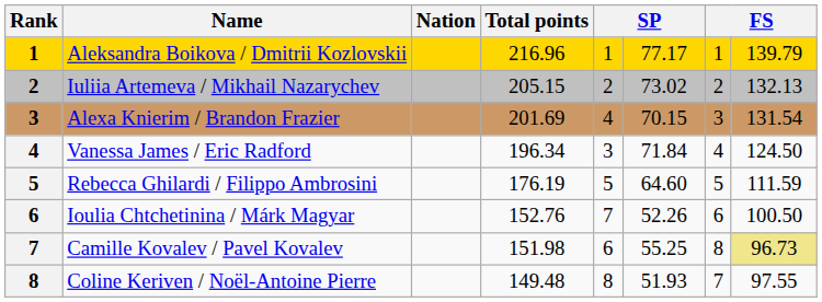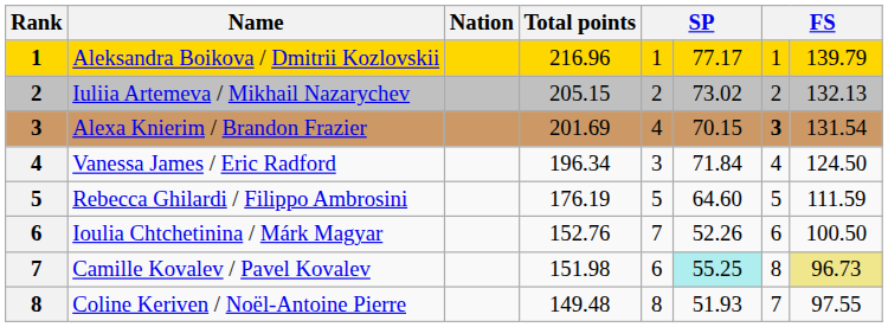 <table class="wikitable sortable">
 <tr>
 <th>Rank</th>
 <th>Name</th>
 <th>Nation</th>
 <th>Total points</th>
 <th colspan="2" width="80px"><a href='#'>SP</a></th>
 <th colspan="2" width="80px"><a href='#'>FS</a></th>
 </tr>
 <tr bgcolor="gold">
 <td align="center"><strong>1</strong></td>
 <td><a href='#'>Aleksandra Boikova</a> / <a href='#'>Dmitrii Kozlovskii</a></td>
 <td></td>
 <td align="center">216.96</td>
 <td align="center">1</td>
 <td align="center">77.17</td>
 <td align="center">1</td>
 <td align="center">139.79</td>
 </tr>
 <tr bgcolor="silver">
 <td align="center"><strong>2</strong></td>
 <td><a href='#'>Iuliia Artemeva</a> / <a href='#'>Mikhail Nazarychev</a></td>
 <td></td>
 <td align="center">205.15</td>
 <td align="center">2</td>
 <td align="center">73.02</td>
 <td align="center">2</td>
 <td align="center">132.13</td>
 </tr>
 <tr bgcolor="cc9966">
 <td align="center"><strong>3</strong></td>
 <td><a href='#'>Alexa Knierim</a> / <a href='#'>Brandon Frazier</a></td>
 <td></td>
 <td align="center">201.69</td>
 <td align="center">4</td>
 <td align="center">70.15</td>
-<td align="center">3</td>
+<td align="center"><strong>3</strong></td>
 <td align="center">131.54</td>
 </tr>
 <tr>
 <th>4</th>
 <td><a href='#'>Vanessa James</a> / <a href='#'>Eric Radford</a></td>
 <td></td>
 <td align="center">196.34</td>
 <td align="center">3</td>
 <td align="center">71.84</td>
 <td align="center">4</td>
 <td align="center">124.50</td>
 </tr>
 <tr>
 <th>5</th>
 <td><a href='#'>Rebecca Ghilardi</a> / <a href='#'>Filippo Ambrosini</a></td>
 <td></td>
 <td align="center">176.19</td>
 <td align="center">5</td>
 <td align="center">64.60</td>
 <td align="center">5</td>
 <td align="center">111.59</td>
 </tr>
 <tr>
 <th>6</th>
 <td><a href='#'>Ioulia Chtchetinina</a> / <a href='#'>Márk Magyar</a></td>
 <td></td>
 <td align="center">152.76</td>
 <td align="center">7</td>
 <td align="center">52.26</td>
 <td align="center">6</td>
 <td align="center">100.50</td>
 </tr>
 <tr>
 <th>7</th>
 <td><a href='#'>Camille Kovalev</a> / <a href='#'>Pavel Kovalev</a></td>
 <td></td>
 <td align="center">151.98</td>
 <td align="center">6</td>
-<td align="center">55.25</td>
+<td align="center" style="background: paleturquoise;">55.25</td>
 <td align="center">8</td>
 <td align="center" style="background: khaki;">96.73</td>
 </tr>
 <tr>
 <th>8</th>
 <td><a href='#'>Coline Keriven</a> / <a href='#'>Noël-Antoine Pierre</a></td>
 <td></td>
 <td align="center">149.48</td>
 <td align="center">8</td>
 <td align="center">51.93</td>
 <td align="center">7</td>
 <td align="center">97.55</td>
 </tr>
 </table>
